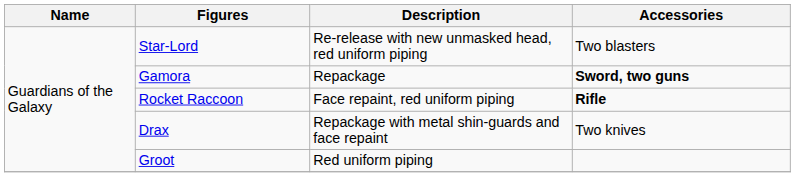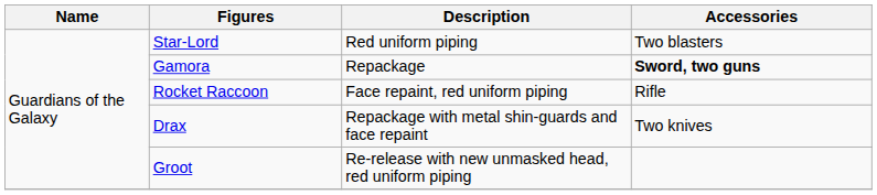 <table class="wikitable" width="100%">
 <tr>
 <th width="15%">Name</th>
 <th width="20%">Figures</th>
 <th width="30%">Description</th>
 <th width="25%">Accessories</th>
 </tr>
 <tr>
 <td rowspan="5">Guardians of the Galaxy</td>
 <td><a href='#'>Star-Lord</a></td>
-<td>Re-release with new unmasked head, red uniform piping</td>
+<td>Red uniform piping</td>
 <td>Two blasters</td>
 </tr>
 <tr>
 <td><a href='#'>Gamora</a></td>
 <td>Repackage</td>
 <td><strong>Sword, two guns</strong></td>
 </tr>
 <tr>
 <td><a href='#'>Rocket Raccoon</a></td>
 <td>Face repaint, red uniform piping</td>
-<td><strong>Rifle</strong></td>
+<td>Rifle</td>
 </tr>
 <tr>
 <td><a href='#'>Drax</a></td>
 <td>Repackage with metal shin-guards and face repaint</td>
 <td>Two knives</td>
 </tr>
 <tr>
 <td><a href='#'>Groot</a></td>
-<td>Red uniform piping</td>
+<td>Re-release with new unmasked head, red uniform piping</td>
 <td></td>
 </tr>
 <tr>
 </tr>
 </table>
